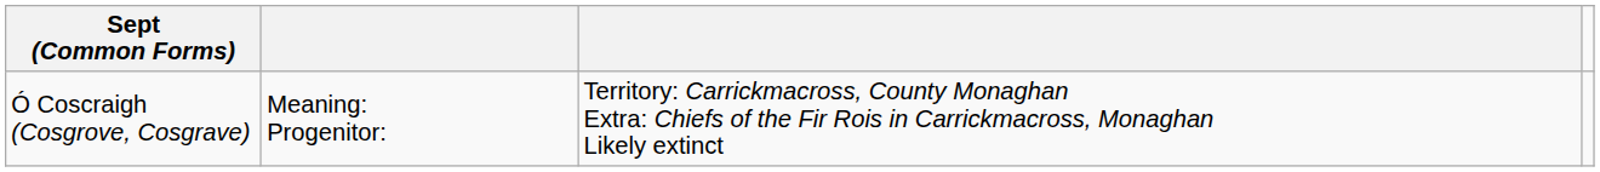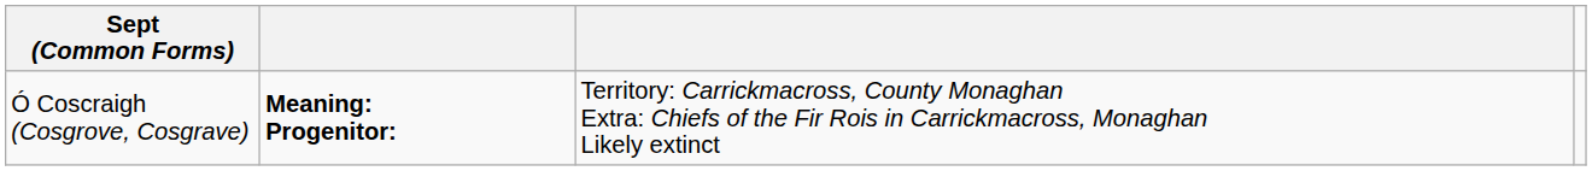 <table class="wikitable">
 <tr>
 <th width="160"><strong>Sept</strong><br><strong><em>(Common Forms)</em></strong></th>
 <th width="200"></th>
 <th width="650"></th>
 </tr>
 <tr>
 <td>Ó Coscraigh<br><em>(Cosgrove, Cosgrave)</em></td>
-<td>Meaning:<br>Progenitor:</td>
+<td><strong>Meaning:<br>Progenitor:</strong></td>
 <td>Territory: <em>Carrickmacross, County Monaghan</em><br>Extra: <em>Chiefs of the Fir Rois in Carrickmacross, Monaghan</em><br>Likely extinct</td>
 <td></td>
 </tr>
 </table>
